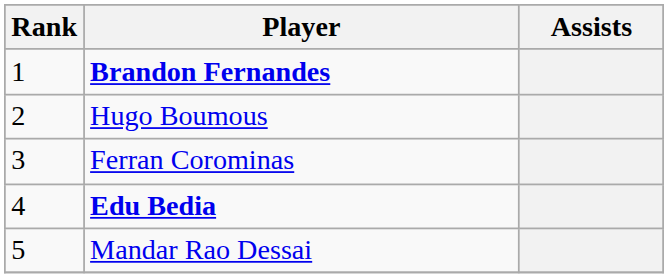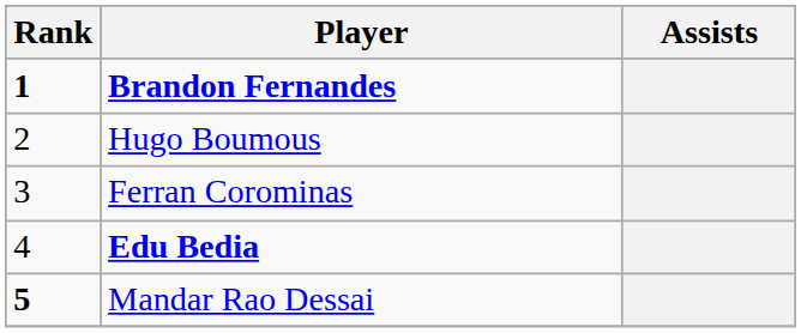 <table class="wikitable">
 <tr>
 <th width="30px">Rank</th>
 <th width="240px">Player</th>
 <th width="75px">Assists</th>
 </tr>
 <tr>
-<td>1</td>
+<td><strong>1</strong></td>
 <td> <strong><a href='#'>Brandon Fernandes</a></strong></td>
 <th></th>
 </tr>
 <tr>
 <td>2</td>
 <td> <a href='#'>Hugo Boumous</a></td>
 <th></th>
 </tr>
 <tr>
 <td>3</td>
 <td> <a href='#'>Ferran Corominas</a></td>
 <th></th>
 </tr>
 <tr>
 <td>4</td>
 <td> <strong><a href='#'>Edu Bedia</a></strong></td>
 <th></th>
 </tr>
 <tr>
-<td>5</td>
+<td><strong>5</strong></td>
 <td> <a href='#'>Mandar Rao Dessai</a></td>
 <th></th>
 </tr>
 <tr>
 </tr>
 </table>
